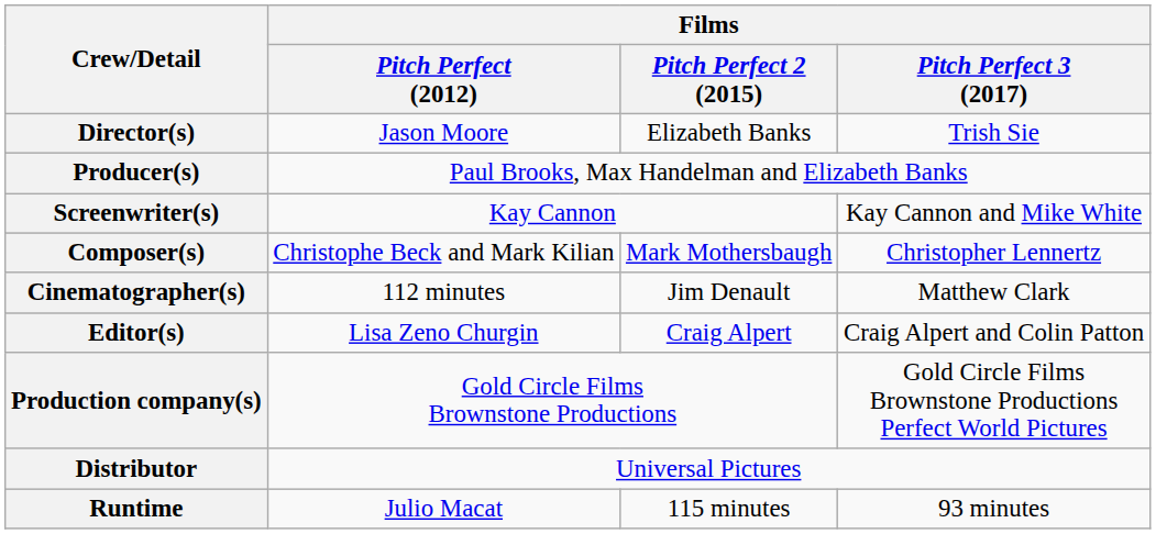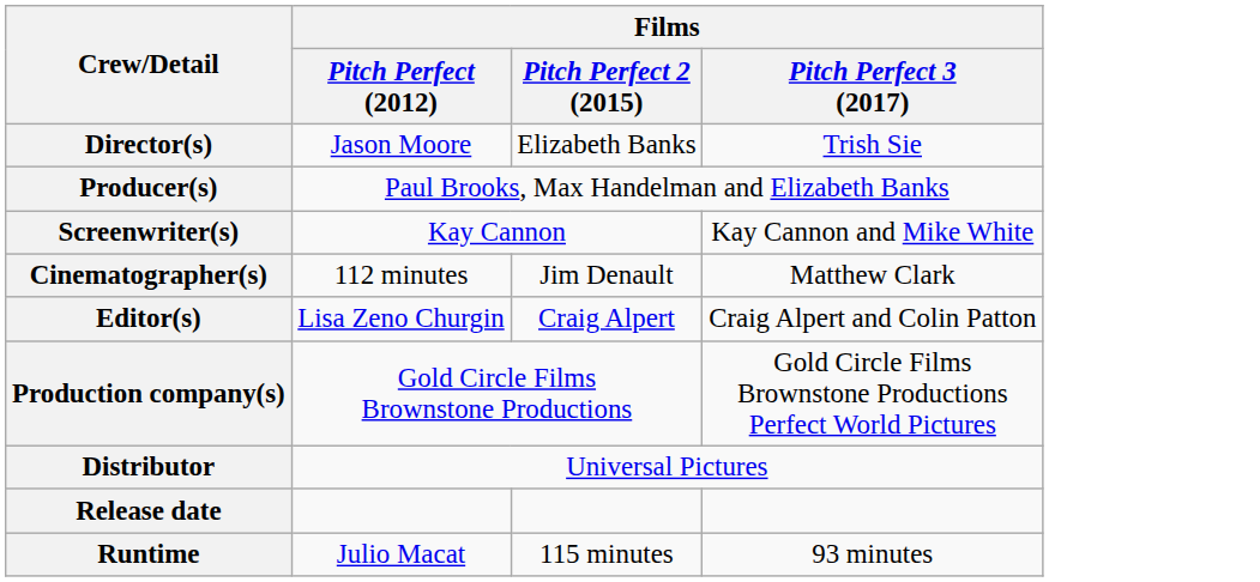 <table class="wikitable" style="text-align:center;">
 <tr>
 <th rowspan="2">Crew/Detail</th>
 <th colspan="3">Films</th>
 </tr>
 <tr>
 <th><em><a href='#'>Pitch Perfect</a></em> <br>(2012)</th>
 <th><em><a href='#'>Pitch Perfect 2</a></em> <br>(2015)</th>
 <th><em><a href='#'>Pitch Perfect 3</a></em> <br>(2017)</th>
 </tr>
 <tr>
 <th>Director(s)</th>
 <td><a href='#'>Jason Moore</a></td>
 <td>Elizabeth Banks</td>
 <td><a href='#'>Trish Sie</a></td>
 </tr>
 <tr>
 <th>Producer(s)</th>
 <td colspan="3"><a href='#'>Paul Brooks</a>, Max Handelman and <a href='#'>Elizabeth Banks</a></td>
 </tr>
 <tr>
 <th>Screenwriter(s)</th>
 <td colspan="2"><a href='#'>Kay Cannon</a></td>
 <td>Kay Cannon and <a href='#'>Mike White</a></td>
 </tr>
 <tr>
-<th>Composer(s)</th>
-<td><a href='#'>Christophe Beck</a> and Mark Kilian</td>
-<td><a href='#'>Mark Mothersbaugh</a></td>
-<td><a href='#'>Christopher Lennertz</a></td>
-</tr>
-<tr>
 <th>Cinematographer(s)</th>
 <td>112 minutes</td>
 <td>Jim Denault</td>
 <td>Matthew Clark</td>
 </tr>
 <tr>
 <th>Editor(s)</th>
 <td><a href='#'>Lisa Zeno Churgin</a></td>
 <td><a href='#'>Craig Alpert</a></td>
 <td>Craig Alpert and Colin Patton</td>
 </tr>
 <tr>
 <th>Production company(s)</th>
 <td colspan="2"><a href='#'>Gold Circle Films</a> <br><a href='#'>Brownstone Productions</a></td>
 <td>Gold Circle Films <br>Brownstone Productions <br><a href='#'>Perfect World Pictures</a></td>
 </tr>
 <tr>
 <th>Distributor</th>
 <td colspan="3"><a href='#'>Universal Pictures</a></td>
 </tr>
 <tr>
+<th>Release date</th>
+<td></td>
+<td></td>
+<td></td>
+</tr>
+<tr>
 <th>Runtime</th>
 <td><a href='#'>Julio Macat</a></td>
 <td>115 minutes</td>
 <td>93 minutes</td>
 </tr>
 </table>
